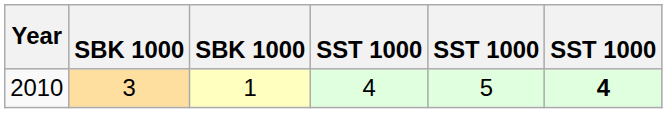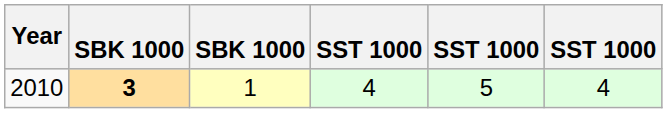 <table class=wikitable>
 <tr>
 <th>Year</th>
 <th><br>SBK 1000</th>
 <th><br>SBK 1000</th>
 <th><br>SST 1000</th>
 <th><br>SST 1000</th>
 <th><br>SST 1000</th>
 </tr>
 <tr align=center>
 <td>2010</td>
-<td style="background:#ffdf9f;">3</td>
+<td style="background:#ffdf9f;"><strong>3</strong></td>
 <td style="background:#ffffbf;">1</td>
 <td style="background:#dfffdf;">4</td>
 <td style="background:#dfffdf;">5</td>
-<td style="background:#dfffdf;"><strong>4</strong></td>
+<td style="background:#dfffdf;">4</td>
 </tr>
 </table>
